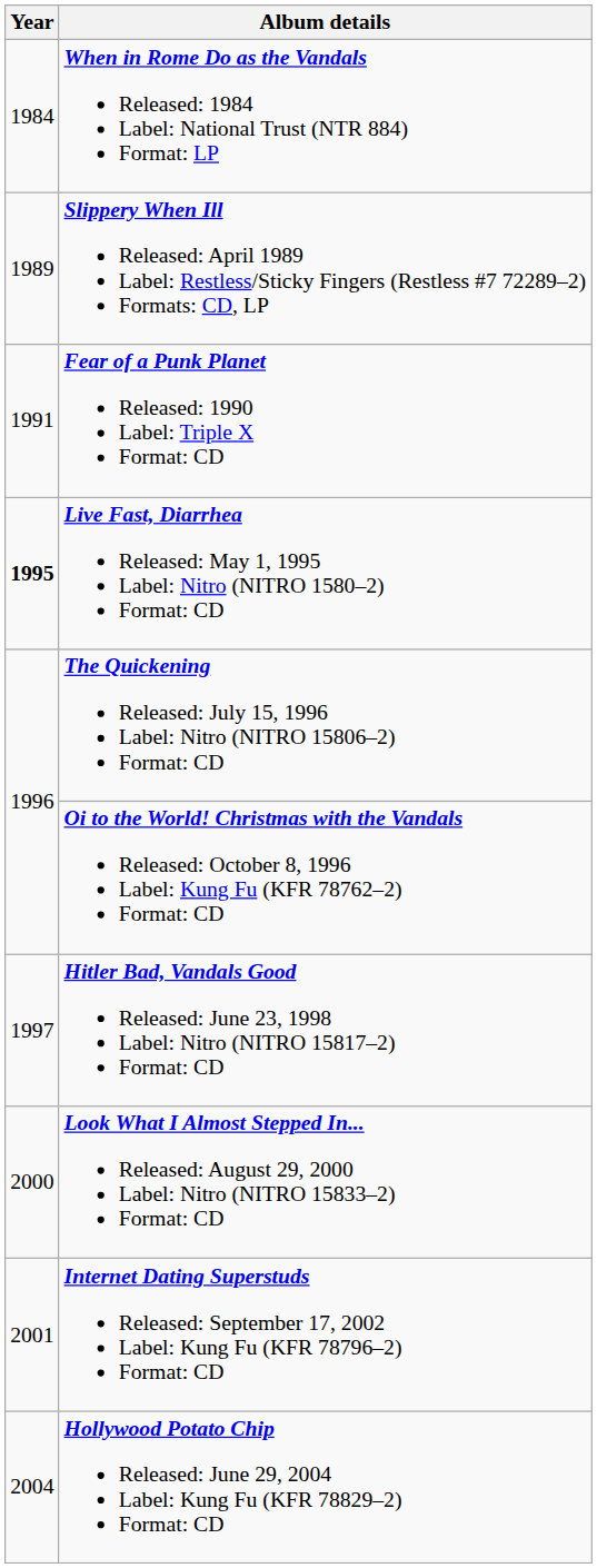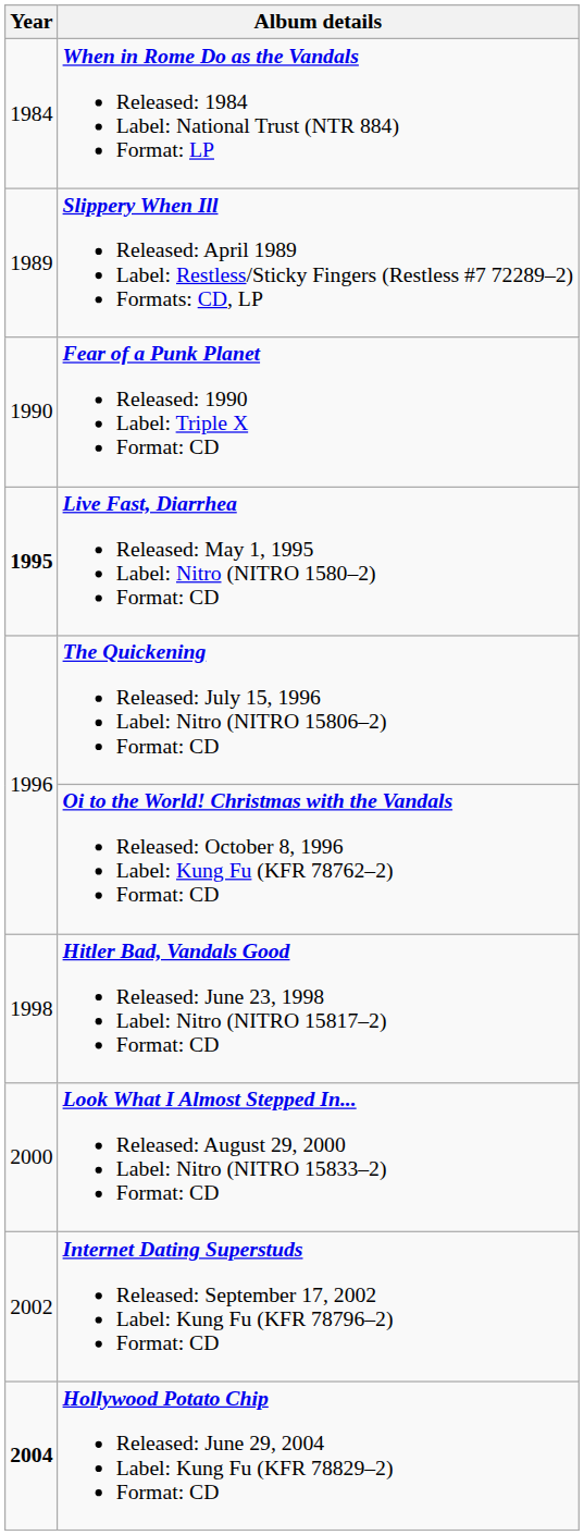 <table class ="wikitable">
 <tr>
 <th>Year</th>
 <th>Album details</th>
 </tr>
 <tr>
 <td>1984</td>
 <td><strong><em><a href='#'>When in Rome Do as the Vandals</a></em></strong><br><ul><li>Released: 1984</li><li>Label: National Trust (NTR 884)</li><li>Format: <a href='#'>LP</a></li></ul></td>
 </tr>
 <tr>
 <td>1989</td>
 <td><strong><em><a href='#'>Slippery When Ill</a></em></strong><br><ul><li>Released: April 1989</li><li>Label: <a href='#'>Restless</a>/Sticky Fingers (Restless #7 72289–2)</li><li>Formats: <a href='#'>CD</a>, LP</li></ul></td>
 </tr>
 <tr>
-<td>1991</td>
+<td>1990</td>
 <td><strong><em><a href='#'>Fear of a Punk Planet</a></em></strong><br><ul><li>Released: 1990</li><li>Label: <a href='#'>Triple X</a></li><li>Format: CD</li></ul></td>
 </tr>
 <tr>
 <td><strong>1995</strong></td>
 <td><strong><em><a href='#'>Live Fast, Diarrhea</a></em></strong><br><ul><li>Released: May 1, 1995</li><li>Label: <a href='#'>Nitro</a> (NITRO 1580–2)</li><li>Format: CD</li></ul></td>
 </tr>
 <tr>
 <td rowspan="2">1996</td>
 <td><strong><em><a href='#'>The Quickening</a></em></strong><br><ul><li>Released: July 15, 1996</li><li>Label: Nitro (NITRO 15806–2)</li><li>Format: CD</li></ul></td>
 </tr>
 <tr>
 <td><strong><em><a href='#'>Oi to the World! Christmas with the Vandals</a></em></strong><br><ul><li>Released: October 8, 1996</li><li>Label: <a href='#'>Kung Fu</a> (KFR 78762–2)</li><li>Format: CD</li></ul></td>
 </tr>
 <tr>
-<td>1997</td>
+<td>1998</td>
 <td><strong><em><a href='#'>Hitler Bad, Vandals Good</a></em></strong><br><ul><li>Released: June 23, 1998</li><li>Label: Nitro (NITRO 15817–2)</li><li>Format: CD</li></ul></td>
 </tr>
 <tr>
 <td>2000</td>
 <td><strong><em><a href='#'>Look What I Almost Stepped In...</a></em></strong><br><ul><li>Released: August 29, 2000</li><li>Label: Nitro (NITRO 15833–2)</li><li>Format: CD</li></ul></td>
 </tr>
 <tr>
-<td>2001</td>
+<td>2002</td>
 <td><strong><em><a href='#'>Internet Dating Superstuds</a></em></strong><br><ul><li>Released: September 17, 2002</li><li>Label: Kung Fu (KFR 78796–2)</li><li>Format: CD</li></ul></td>
 </tr>
 <tr>
-<td>2004</td>
+<td><strong>2004</strong></td>
 <td><strong><em><a href='#'>Hollywood Potato Chip</a></em></strong><br><ul><li>Released: June 29, 2004</li><li>Label: Kung Fu (KFR 78829–2)</li><li>Format: CD</li></ul></td>
 </tr>
 <tr>
 </tr>
 </table>
